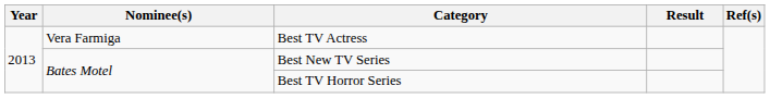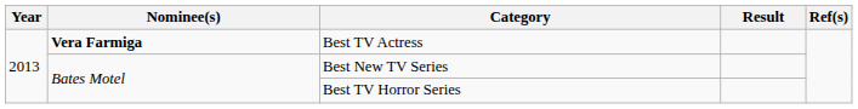 <table class="wikitable" width=100%>
 <tr>
 <th width=5%>Year</th>
 <th>Nominee(s)</th>
 <th>Category</th>
 <th width=10%>Result</th>
 <th width=5%>Ref(s)</th>
 </tr>
 <tr>
 <td rowspan=3>2013</td>
-<td>Vera Farmiga</td>
+<td><strong>Vera Farmiga</strong></td>
 <td>Best TV Actress</td>
 <td></td>
 <td rowspan=3></td>
 </tr>
 <tr>
 <td rowspan=2><em>Bates Motel</em></td>
 <td>Best New TV Series</td>
 <td></td>
 </tr>
 <tr>
 <td>Best TV Horror Series</td>
 <td></td>
 </tr>
 </table>
